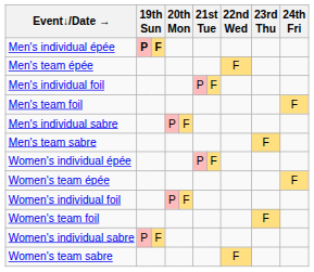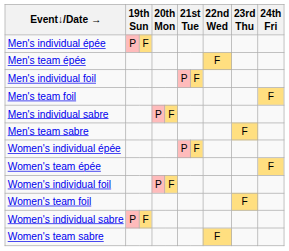 <table class="wikitable" style="margin:0.5em auto; font-size:90%; line-height:1.25em; text-align:center;">
 <tr>
 <th>Event↓/Date →</th>
 <th colspan=2>19th<br>Sun</th>
 <th colspan=2>20th<br>Mon</th>
 <th colspan=2>21st<br>Tue</th>
 <th>22nd<br>Wed</th>
 <th>23rd<br>Thu</th>
 <th>24th<br>Fri</th>
 </tr>
 <tr>
 <td style="text-align:left;"><a href='#'>Men's individual épée</a></td>
-<td bgcolor="#FFBBBB"><strong>P</strong></td>
-<td bgcolor="#FFDF80"><strong>F</strong></td>
+<td bgcolor="#FFBBBB">P</td>
+<td bgcolor="#FFDF80">F</td>
 <td colspan=2></td>
 <td colspan=2></td>
 <td></td>
 <td></td>
 <td></td>
 </tr>
 <tr>
 <td style="text-align:left;"><a href='#'>Men's team épée</a></td>
 <td colspan=2></td>
 <td colspan=2></td>
 <td colspan=2></td>
 <td bgcolor="#FFDF80">F</td>
 <td></td>
 <td></td>
 </tr>
 <tr>
 <td style="text-align:left;"><a href='#'>Men's individual foil</a></td>
 <td colspan=2></td>
 <td colspan=2></td>
 <td bgcolor="#FFBBBB">P</td>
 <td bgcolor="#FFDF80">F</td>
 <td></td>
 <td></td>
 <td></td>
 </tr>
 <tr>
 <td style="text-align:left;"><a href='#'>Men's team foil</a></td>
 <td colspan=2></td>
 <td colspan=2></td>
 <td colspan=2></td>
 <td></td>
 <td></td>
 <td bgcolor="#FFDF80">F</td>
 </tr>
 <tr>
 <td style="text-align:left;"><a href='#'>Men's individual sabre</a></td>
 <td colspan=2></td>
 <td bgcolor="#FFBBBB">P</td>
 <td bgcolor="#FFDF80">F</td>
 <td colspan=2></td>
 <td></td>
 <td></td>
 <td></td>
 </tr>
 <tr>
 <td style="text-align:left;"><a href='#'>Men's team sabre</a></td>
 <td colspan=2></td>
 <td colspan=2></td>
 <td colspan=2></td>
 <td></td>
 <td bgcolor="#FFDF80">F</td>
 <td></td>
 </tr>
 <tr>
 <td style="text-align:left;"><a href='#'>Women's individual épée</a></td>
 <td colspan=2></td>
 <td colspan=2></td>
 <td bgcolor="#FFBBBB">P</td>
 <td bgcolor="#FFDF80">F</td>
 <td></td>
 <td></td>
 <td></td>
 </tr>
 <tr>
 <td style="text-align:left;"><a href='#'>Women's team épée</a></td>
 <td colspan=2></td>
 <td colspan=2></td>
 <td colspan=2></td>
 <td></td>
 <td></td>
 <td bgcolor="#FFDF80">F</td>
 </tr>
 <tr>
 <td style="text-align:left;"><a href='#'>Women's individual foil</a></td>
 <td colspan=2></td>
 <td bgcolor="#FFBBBB">P</td>
 <td bgcolor="#FFDF80">F</td>
 <td colspan=2></td>
 <td></td>
 <td></td>
 <td></td>
 </tr>
 <tr>
 <td style="text-align:left;"><a href='#'>Women's team foil</a></td>
 <td colspan=2></td>
 <td colspan=2></td>
 <td colspan=2></td>
 <td></td>
 <td bgcolor="#FFDF80">F</td>
 <td></td>
 </tr>
 <tr>
 <td style="text-align:left;"><a href='#'>Women's individual sabre</a></td>
 <td bgcolor="#FFBBBB">P</td>
 <td bgcolor="#FFDF80">F</td>
 <td colspan=2></td>
 <td colspan=2></td>
 <td></td>
 <td></td>
 <td></td>
 </tr>
 <tr>
 <td style="text-align:left;"><a href='#'>Women's team sabre</a></td>
 <td colspan=2></td>
 <td colspan=2></td>
 <td colspan=2></td>
 <td bgcolor="#FFDF80">F</td>
 <td></td>
 <td></td>
 </tr>
 </table>
